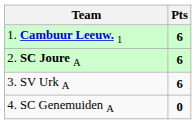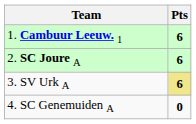 <table class="wikitable" style="text-align:center; float:left; margin-right:1em">
 <tr>
 <th style="width:200px">Team</th>
 <th width=20>Pts</th>
 </tr>
 <tr bgcolor=ccffcc>
 <td align=left>1. <strong><a href='#'>Cambuur Leeuw.</a></strong> <sub>1</sub></td>
 <td><strong>6</strong></td>
 </tr>
 <tr bgcolor=ccffcc>
 <td align=left>2. <strong>SC Joure</strong> <sub>A</sub></td>
 <td><strong>6</strong></td>
 </tr>
 <tr>
 <td align=left>3. SV Urk <sub>A</sub></td>
-<td><strong>6</strong></td>
+<td style="background: khaki;"><strong>6</strong></td>
 </tr>
 <tr>
 <td align=left>4. SC Genemuiden <sub>A</sub></td>
 <td><strong>0</strong></td>
 </tr>
 </table>
